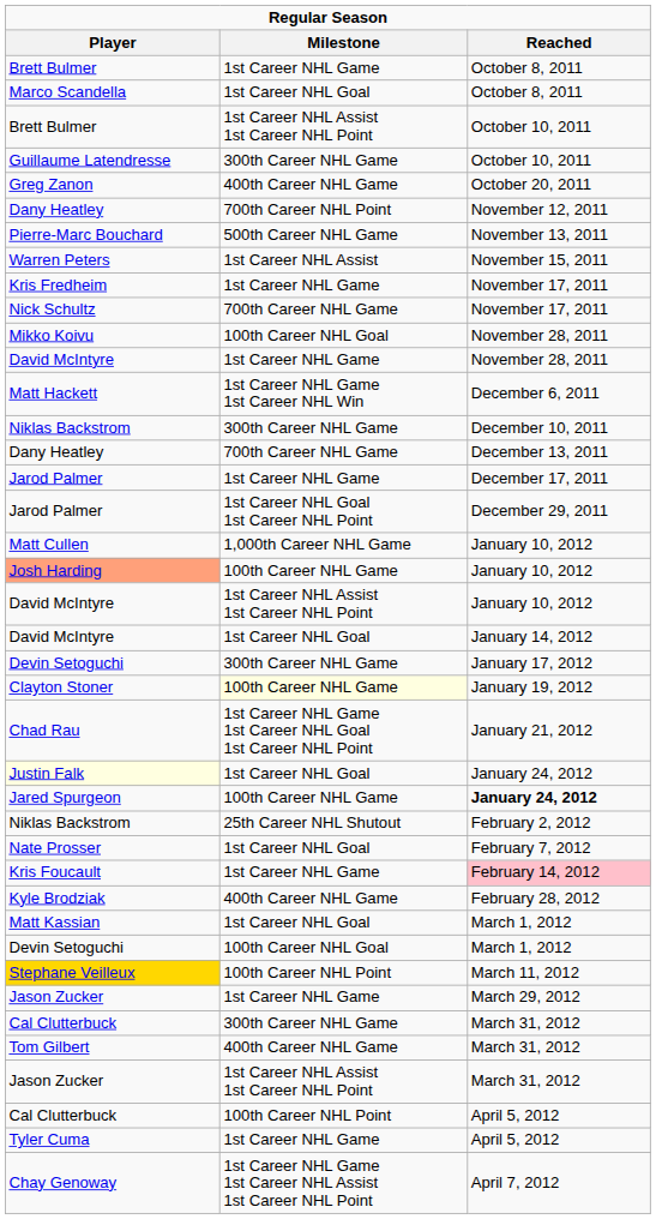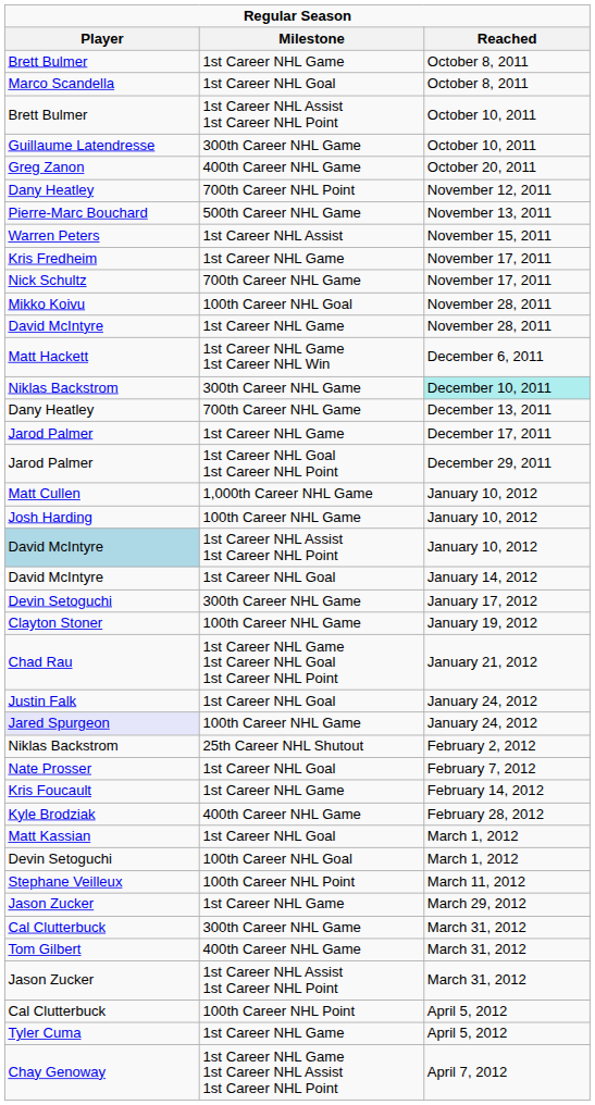 <table class="wikitable" width="52%">
 <tr>
 <td colspan="10" align="center"><strong>Regular Season</strong></td>
 </tr>
 <tr>
 <th>Player</th>
 <th>Milestone</th>
 <th>Reached</th>
 </tr>
 <tr>
 <td><a href='#'>Brett Bulmer</a></td>
 <td>1st Career NHL Game</td>
 <td>October 8, 2011</td>
 </tr>
 <tr>
 <td><a href='#'>Marco Scandella</a></td>
 <td>1st Career NHL Goal</td>
 <td>October 8, 2011</td>
 </tr>
 <tr>
 <td>Brett Bulmer</td>
 <td>1st Career NHL Assist<br>1st Career NHL Point</td>
 <td>October 10, 2011</td>
 </tr>
 <tr>
 <td><a href='#'>Guillaume Latendresse</a></td>
 <td>300th Career NHL Game</td>
 <td>October 10, 2011</td>
 </tr>
 <tr>
 <td><a href='#'>Greg Zanon</a></td>
 <td>400th Career NHL Game</td>
 <td>October 20, 2011</td>
 </tr>
 <tr>
 <td><a href='#'>Dany Heatley</a></td>
 <td>700th Career NHL Point</td>
 <td>November 12, 2011</td>
 </tr>
 <tr>
 <td><a href='#'>Pierre-Marc Bouchard</a></td>
 <td>500th Career NHL Game</td>
 <td>November 13, 2011</td>
 </tr>
 <tr>
 <td><a href='#'>Warren Peters</a></td>
 <td>1st Career NHL Assist</td>
 <td>November 15, 2011</td>
 </tr>
 <tr>
 <td><a href='#'>Kris Fredheim</a></td>
 <td>1st Career NHL Game</td>
 <td>November 17, 2011</td>
 </tr>
 <tr>
 <td><a href='#'>Nick Schultz</a></td>
 <td>700th Career NHL Game</td>
 <td>November 17, 2011</td>
 </tr>
 <tr>
 <td><a href='#'>Mikko Koivu</a></td>
 <td>100th Career NHL Goal</td>
 <td>November 28, 2011</td>
 </tr>
 <tr>
 <td><a href='#'>David McIntyre</a></td>
 <td>1st Career NHL Game</td>
 <td>November 28, 2011</td>
 </tr>
 <tr>
 <td><a href='#'>Matt Hackett</a></td>
 <td>1st Career NHL Game<br>1st Career NHL Win</td>
 <td>December 6, 2011</td>
 </tr>
 <tr>
 <td><a href='#'>Niklas Backstrom</a></td>
 <td>300th Career NHL Game</td>
-<td>December 10, 2011</td>
+<td style="background: paleturquoise;">December 10, 2011</td>
 </tr>
 <tr>
 <td>Dany Heatley</td>
 <td>700th Career NHL Game</td>
 <td>December 13, 2011</td>
 </tr>
 <tr>
 <td><a href='#'>Jarod Palmer</a></td>
 <td>1st Career NHL Game</td>
 <td>December 17, 2011</td>
 </tr>
 <tr>
 <td>Jarod Palmer</td>
 <td>1st Career NHL Goal<br>1st Career NHL Point</td>
 <td>December 29, 2011</td>
 </tr>
 <tr>
 <td><a href='#'>Matt Cullen</a></td>
 <td>1,000th Career NHL Game</td>
 <td>January 10, 2012</td>
 </tr>
 <tr>
-<td style="background: lightsalmon;"><a href='#'>Josh Harding</a></td>
+<td><a href='#'>Josh Harding</a></td>
 <td>100th Career NHL Game</td>
 <td>January 10, 2012</td>
 </tr>
 <tr>
-<td>David McIntyre</td>
+<td style="background: lightblue;">David McIntyre</td>
 <td>1st Career NHL Assist<br>1st Career NHL Point</td>
 <td>January 10, 2012</td>
 </tr>
 <tr>
 <td>David McIntyre</td>
 <td>1st Career NHL Goal</td>
 <td>January 14, 2012</td>
 </tr>
 <tr>
 <td><a href='#'>Devin Setoguchi</a></td>
 <td>300th Career NHL Game</td>
 <td>January 17, 2012</td>
 </tr>
 <tr>
 <td><a href='#'>Clayton Stoner</a></td>
-<td style="background: lightyellow;">100th Career NHL Game</td>
+<td>100th Career NHL Game</td>
 <td>January 19, 2012</td>
 </tr>
 <tr>
 <td><a href='#'>Chad Rau</a></td>
 <td>1st Career NHL Game<br>1st Career NHL Goal<br>1st Career NHL Point</td>
 <td>January 21, 2012</td>
 </tr>
 <tr>
-<td style="background: lightyellow;"><a href='#'>Justin Falk</a></td>
+<td><a href='#'>Justin Falk</a></td>
 <td>1st Career NHL Goal</td>
 <td>January 24, 2012</td>
 </tr>
 <tr>
-<td><a href='#'>Jared Spurgeon</a></td>
+<td style="background: lavender;"><a href='#'>Jared Spurgeon</a></td>
 <td>100th Career NHL Game</td>
-<td><strong>January 24, 2012</strong></td>
+<td>January 24, 2012</td>
 </tr>
 <tr>
 <td>Niklas Backstrom</td>
 <td>25th Career NHL Shutout</td>
 <td>February 2, 2012</td>
 </tr>
 <tr>
 <td><a href='#'>Nate Prosser</a></td>
 <td>1st Career NHL Goal</td>
 <td>February 7, 2012</td>
 </tr>
 <tr>
 <td><a href='#'>Kris Foucault</a></td>
 <td>1st Career NHL Game</td>
-<td style="background: pink;">February 14, 2012</td>
+<td>February 14, 2012</td>
 </tr>
 <tr>
 <td><a href='#'>Kyle Brodziak</a></td>
 <td>400th Career NHL Game</td>
 <td>February 28, 2012</td>
 </tr>
 <tr>
 <td><a href='#'>Matt Kassian</a></td>
 <td>1st Career NHL Goal</td>
 <td>March 1, 2012</td>
 </tr>
 <tr>
 <td>Devin Setoguchi</td>
 <td>100th Career NHL Goal</td>
 <td>March 1, 2012</td>
 </tr>
 <tr>
-<td style="background: gold;"><a href='#'>Stephane Veilleux</a></td>
+<td><a href='#'>Stephane Veilleux</a></td>
 <td>100th Career NHL Point</td>
 <td>March 11, 2012</td>
 </tr>
 <tr>
 <td><a href='#'>Jason Zucker</a></td>
 <td>1st Career NHL Game</td>
 <td>March 29, 2012</td>
 </tr>
 <tr>
 <td><a href='#'>Cal Clutterbuck</a></td>
 <td>300th Career NHL Game</td>
 <td>March 31, 2012</td>
 </tr>
 <tr>
 <td><a href='#'>Tom Gilbert</a></td>
 <td>400th Career NHL Game</td>
 <td>March 31, 2012</td>
 </tr>
 <tr>
 <td>Jason Zucker</td>
 <td>1st Career NHL Assist<br>1st Career NHL Point</td>
 <td>March 31, 2012</td>
 </tr>
 <tr>
 <td>Cal Clutterbuck</td>
 <td>100th Career NHL Point</td>
 <td>April 5, 2012</td>
 </tr>
 <tr>
 <td><a href='#'>Tyler Cuma</a></td>
 <td>1st Career NHL Game</td>
 <td>April 5, 2012</td>
 </tr>
 <tr>
 <td><a href='#'>Chay Genoway</a></td>
 <td>1st Career NHL Game<br>1st Career NHL Assist<br>1st Career NHL Point</td>
 <td>April 7, 2012</td>
 </tr>
 </table>
